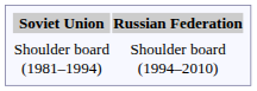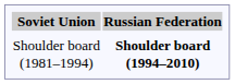 <table style="border:1px solid #8888aa; background-color:#f7f8ff; padding:5px; font-size:95%; margin: 0px 12px 12px 0px;">
 <tr bgcolor="#CCCCCC">
 <th>Soviet Union</th>
 <th>Russian Federation</th>
 </tr>
 <tr style="text-align:center;">
 <td></td>
 <td></td>
 </tr>
 <tr style="text-align:center;">
 <td>Shoulder board <br>(1981–1994)</td>
-<td>Shoulder board <br>(1994–2010)</td>
+<td><strong>Shoulder board <br>(1994–2010)</strong></td>
 </tr>
 </table>
